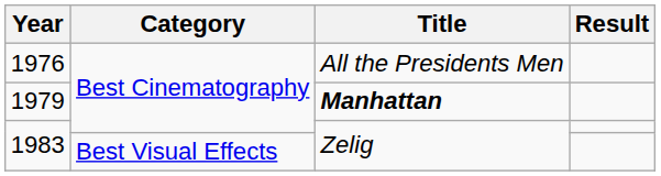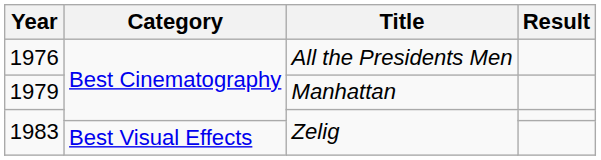 <table class="wikitable">
 <tr>
 <th>Year</th>
 <th>Category</th>
 <th>Title</th>
 <th>Result</th>
 </tr>
 <tr>
 <td>1976</td>
 <td rowspan=3><a href='#'>Best Cinematography</a></td>
 <td><em>All the Presidents Men</em></td>
 <td></td>
 </tr>
 <tr>
 <td>1979</td>
-<td><strong><em>Manhattan</em></strong></td>
+<td><em>Manhattan</em></td>
 <td></td>
 </tr>
 <tr>
 <td rowspan=2>1983</td>
 <td rowspan=2><em>Zelig</em></td>
 <td></td>
 </tr>
 <tr>
 <td><a href='#'>Best Visual Effects</a></td>
 <td></td>
 </tr>
 </table>
